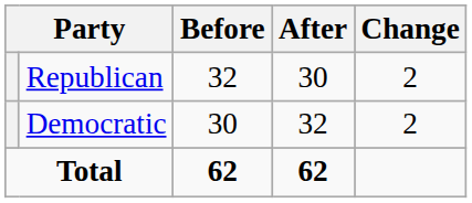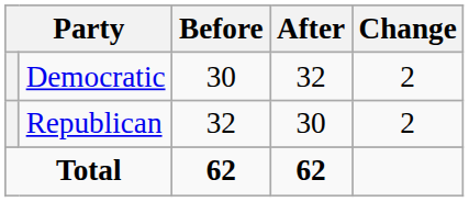 <table class="wikitable" style="text-align:center;">
 <tr>
 <th colspan="2">Party</th>
 <th>Before</th>
 <th>After</th>
 <th>Change</th>
 </tr>
 <tr>
 <th style="background-color:"></th>
-<td style="text-align:left;"><a href='#'>Republican</a></td>
+<td style="text-align:left;"><a href='#'>Democratic</a></td>
+<td>30</td>
 <td>32</td>
-<td>30</td>
 <td> 2</td>
 </tr>
 <tr>
 <th style="background-color:"></th>
-<td style="text-align:left;"><a href='#'>Democratic</a></td>
+<td style="text-align:left;"><a href='#'>Republican</a></td>
+<td>32</td>
 <td>30</td>
-<td>32</td>
 <td> 2</td>
 </tr>
 <tr>
 <td colspan="2"><strong>Total</strong></td>
 <td><strong>62</strong></td>
 <td><strong>62</strong></td>
 <td></td>
 </tr>
 </table>
